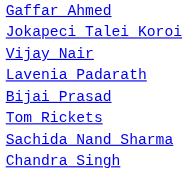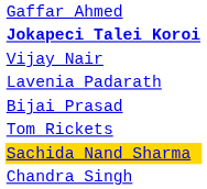 <table>
 <tr>
 <td rowspan=8> </td>
 <td><a href='#'>Gaffar Ahmed</a></td>
 </tr>
 <tr>
-<td><a href='#'>Jokapeci Talei Koroi</a></td>
+<td><strong><a href='#'>Jokapeci Talei Koroi</a></strong></td>
 </tr>
 <tr>
 <td><a href='#'>Vijay Nair</a></td>
 </tr>
 <tr>
 <td><a href='#'>Lavenia Padarath</a></td>
 </tr>
 <tr>
 <td><a href='#'>Bijai Prasad</a></td>
 </tr>
 <tr>
 <td><a href='#'>Tom Rickets</a></td>
 </tr>
 <tr>
-<td><a href='#'>Sachida Nand Sharma</a></td>
+<td style="background: gold;"><a href='#'>Sachida Nand Sharma</a></td>
 </tr>
 <tr>
 <td><a href='#'>Chandra Singh</a></td>
 </tr>
 <tr>
 </tr>
 </table>
